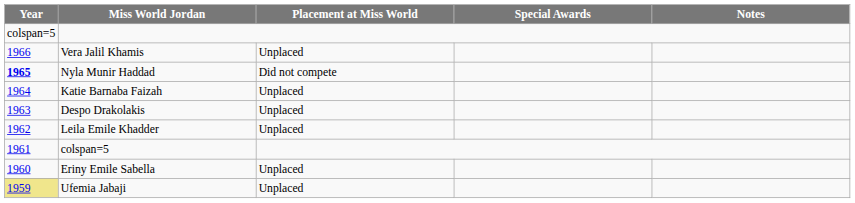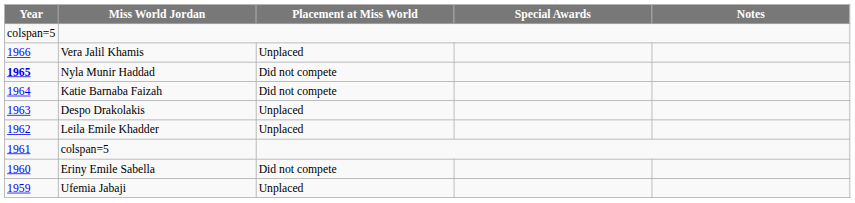 <table class="wikitable " style="font-size: 95%;">
 <tr>
 <th width="60" style="background-color:#787878;color:#FFFFFF;">Year</th>
 <th width="250" style="background-color:#787878;color:#FFFFFF;">Miss World Jordan</th>
 <th width="250" style="background-color:#787878;color:#FFFFFF;">Placement at Miss World</th>
 <th width="250" style="background-color:#787878;color:#FFFFFF;">Special Awards</th>
 <th width="250" style="background-color:#787878;color:#FFFFFF;">Notes</th>
 </tr>
 <tr>
 <td>colspan=5 </td>
 </tr>
 <tr>
 <td><a href='#'>1966</a></td>
 <td>Vera Jalil Khamis</td>
 <td>Unplaced</td>
 <td></td>
 <td></td>
 </tr>
 <tr>
 <td><strong><a href='#'>1965</a></strong></td>
 <td>Nyla Munir Haddad</td>
 <td>Did not compete</td>
 <td></td>
 <td></td>
 </tr>
 <tr>
 <td><a href='#'>1964</a></td>
 <td>Katie Barnaba Faizah</td>
-<td>Unplaced</td>
+<td>Did not compete</td>
 <td></td>
 <td></td>
 </tr>
 <tr>
 <td><a href='#'>1963</a></td>
 <td>Despo Drakolakis</td>
 <td>Unplaced</td>
 <td></td>
 <td></td>
 </tr>
 <tr>
 <td><a href='#'>1962</a></td>
 <td>Leila Emile Khadder</td>
 <td>Unplaced</td>
 <td></td>
 <td></td>
 </tr>
 <tr>
 <td><a href='#'>1961</a></td>
 <td>colspan=5 </td>
 </tr>
 <tr>
 <td><a href='#'>1960</a></td>
 <td>Eriny Emile Sabella</td>
-<td>Unplaced</td>
+<td>Did not compete</td>
 <td></td>
 <td></td>
 </tr>
 <tr>
-<td style="background: khaki;"><a href='#'>1959</a></td>
+<td><a href='#'>1959</a></td>
 <td>Ufemia Jabaji</td>
 <td>Unplaced</td>
 <td></td>
 <td></td>
 </tr>
 </table>
